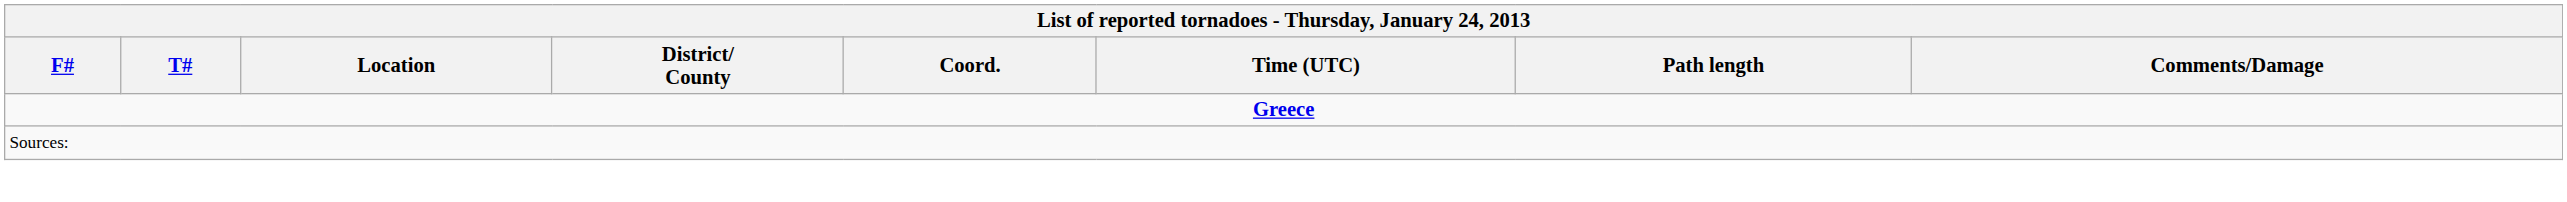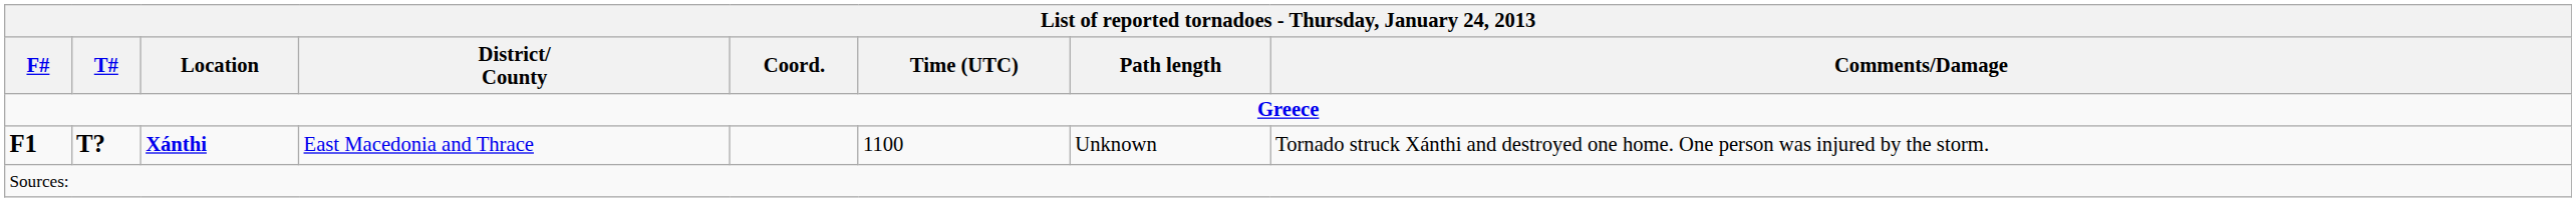 <table class="wikitable collapsible" width="100%">
 <tr>
 <th colspan="8">List of reported tornadoes - Thursday, January 24, 2013</th>
 </tr>
 <tr>
 <th><a href='#'>F#</a></th>
 <th><a href='#'>T#</a></th>
 <th>Location</th>
 <th>District/<br>County</th>
 <th>Coord.</th>
 <th>Time (UTC)</th>
 <th>Path length</th>
 <th>Comments/Damage</th>
 </tr>
 <tr>
 <td colspan="8" align=center><strong><a href='#'>Greece</a></strong></td>
 </tr>
 <tr>
+<td><big><strong>F1</strong></big></td>
+<td><big><strong>T?</strong></big></td>
+<td><strong><a href='#'>Xánthi</a></strong></td>
+<td><a href='#'>East Macedonia and Thrace</a></td>
+<td></td>
+<td>1100</td>
+<td>Unknown</td>
+<td>Tornado struck Xánthi and destroyed one home. One person was injured by the storm.</td>
+</tr>
+<tr>
 <td colspan="8"><small>Sources:  </small></td>
 </tr>
 </table>
